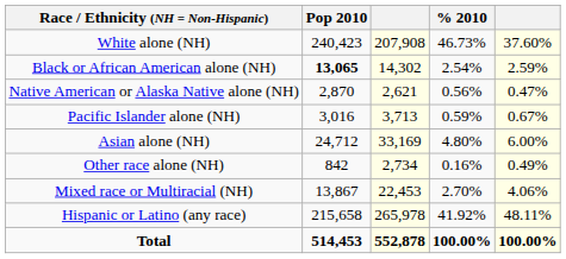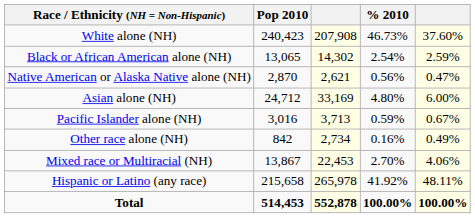 <table class="wikitable" style="text-align:center;">
 <tr>
 <th>Race / Ethnicity <small>(<em>NH = Non-Hispanic</em>)</small></th>
 <th>Pop 2010</th>
 <th></th>
 <th>% 2010</th>
 <th></th>
 </tr>
 <tr>
 <td><a href='#'>White</a> alone (NH)</td>
 <td>240,423</td>
 <td style='background: #ffffe6;'>207,908</td>
 <td>46.73%</td>
 <td style='background: #ffffe6;'>37.60%</td>
 </tr>
 <tr>
 <td><a href='#'>Black or African American</a> alone (NH)</td>
-<td><strong>13,065</strong></td>
+<td>13,065</td>
 <td style='background: #ffffe6;'>14,302</td>
 <td>2.54%</td>
 <td style='background: #ffffe6;'>2.59%</td>
 </tr>
 <tr>
 <td><a href='#'>Native American</a> or <a href='#'>Alaska Native</a> alone (NH)</td>
 <td>2,870</td>
 <td style='background: #ffffe6;'>2,621</td>
 <td>0.56%</td>
 <td style='background: #ffffe6;'>0.47%</td>
 </tr>
 <tr>
+<td><a href='#'>Asian</a> alone (NH)</td>
+<td>24,712</td>
+<td style='background: #ffffe6;'>33,169</td>
+<td>4.80%</td>
+<td style='background: #ffffe6;'>6.00%</td>
+</tr>
+<tr>
 <td><a href='#'>Pacific Islander</a> alone (NH)</td>
 <td>3,016</td>
 <td style='background: #ffffe6;'>3,713</td>
 <td>0.59%</td>
 <td style='background: #ffffe6;'>0.67%</td>
-</tr>
-<tr>
-<td><a href='#'>Asian</a> alone (NH)</td>
-<td>24,712</td>
-<td style='background: #ffffe6;'>33,169</td>
-<td>4.80%</td>
-<td style='background: #ffffe6;'>6.00%</td>
 </tr>
 <tr>
 <td><a href='#'>Other race</a> alone (NH)</td>
 <td>842</td>
 <td style='background: #ffffe6;'>2,734</td>
 <td>0.16%</td>
 <td style='background: #ffffe6;'>0.49%</td>
 </tr>
 <tr>
 <td><a href='#'>Mixed race or Multiracial</a> (NH)</td>
 <td>13,867</td>
 <td style='background: #ffffe6;'>22,453</td>
 <td>2.70%</td>
 <td style='background: #ffffe6;'>4.06%</td>
 </tr>
 <tr>
 <td><a href='#'>Hispanic or Latino</a> (any race)</td>
 <td>215,658</td>
 <td style='background: #ffffe6;'>265,978</td>
 <td>41.92%</td>
 <td style='background: #ffffe6;'>48.11%</td>
 </tr>
 <tr>
 <td><strong>Total</strong></td>
 <td><strong>514,453</strong></td>
 <td style='background: #ffffe6;'><strong>552,878</strong></td>
 <td><strong>100.00%</strong></td>
 <td style='background: #ffffe6;'><strong>100.00%</strong></td>
 </tr>
 </table>
